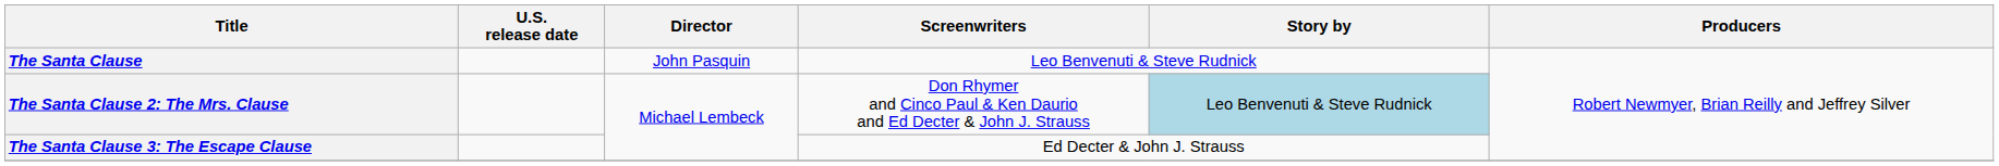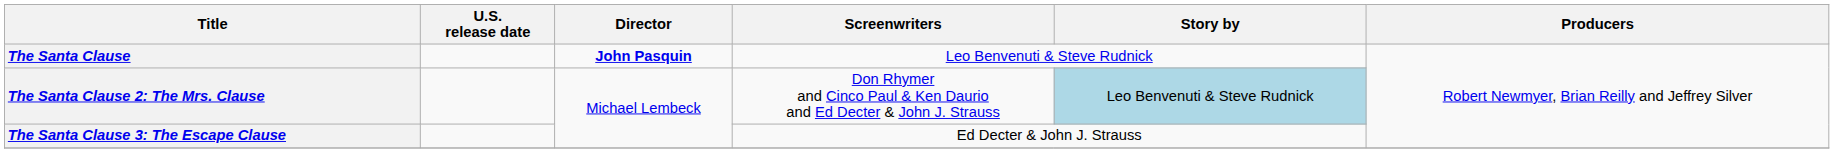 <table class="wikitable plainrowheaders" style="text-align:center" width=100%>
 <tr>
 <th scope="col">Title</th>
 <th scope="col">U.S.<br>release date</th>
 <th scope="col">Director</th>
 <th scope="col">Screenwriters</th>
 <th scope="col">Story by</th>
 <th scope="col">Producers</th>
 </tr>
 <tr>
 <th scope="row" style="text-align:left"><em><a href='#'>The Santa Clause</a></em></th>
 <td style="text-align:center"></td>
-<td><a href='#'>John Pasquin</a></td>
+<td><strong><a href='#'>John Pasquin</a></strong></td>
 <td colspan="2"><a href='#'>Leo Benvenuti & Steve Rudnick</a></td>
 <td rowspan="3"><a href='#'>Robert Newmyer</a>, <a href='#'>Brian Reilly</a> and Jeffrey Silver</td>
 </tr>
 <tr>
 <th scope="row" style="text-align:left"><em><a href='#'>The Santa Clause 2: The Mrs. Clause</a></em></th>
 <td style="text-align:center"></td>
 <td rowspan="2"><a href='#'>Michael Lembeck</a></td>
 <td><a href='#'>Don Rhymer</a><br>and <a href='#'>Cinco Paul & Ken Daurio</a><br>and <a href='#'>Ed Decter</a> & <a href='#'>John J. Strauss</a></td>
 <td style="background: lightblue;">Leo Benvenuti & Steve Rudnick</td>
 </tr>
 <tr>
 <th scope="row" style="text-align:left"><em><a href='#'>The Santa Clause 3: The Escape Clause</a></em></th>
 <td style="text-align:center"></td>
 <td colspan="2">Ed Decter & John J. Strauss</td>
 </tr>
 <tr>
 </tr>
 </table>
